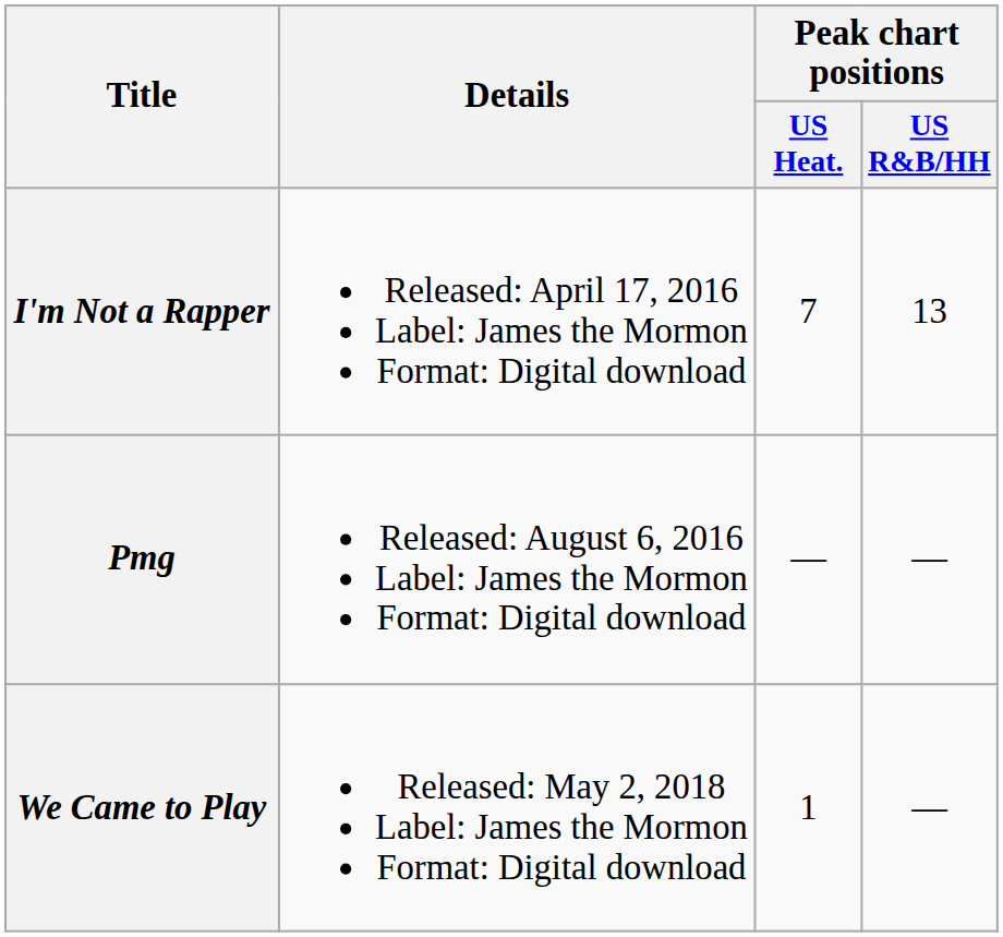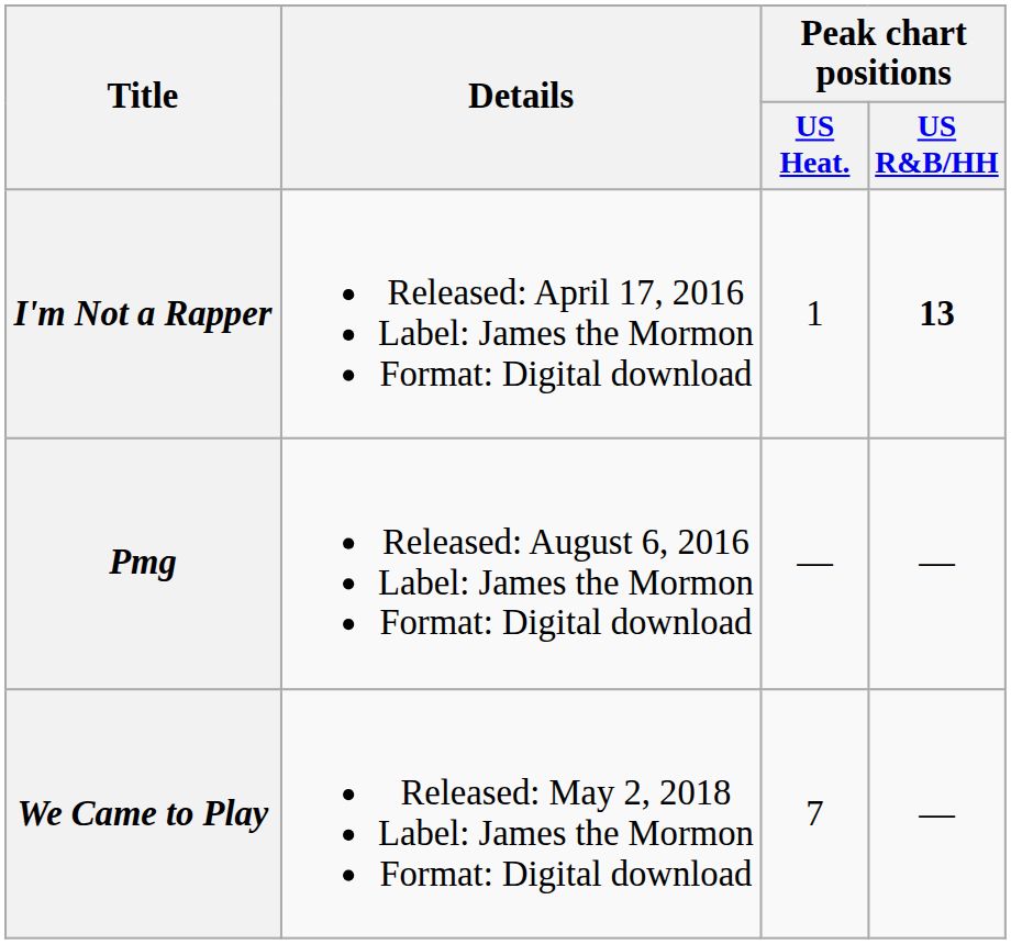 <table class="wikitable plainrowheaders" style="text-align:center;">
 <tr>
 <th scope="col" rowspan="2">Title</th>
 <th scope="col" rowspan="2">Details</th>
 <th colspan="4" scope="col">Peak chart<br>positions</th>
 </tr>
 <tr>
 <th scope="col" style="width:3em;font-size:85%;"><a href='#'>US Heat.</a></th>
 <th scope="col" style="width:3em;font-size:85%;"><a href='#'>US R&B/HH</a></th>
 </tr>
 <tr>
 <th scope="row"><em>I'm Not a Rapper</em></th>
 <td><br><ul><li>Released: April 17, 2016</li><li>Label: James the Mormon</li><li>Format: Digital download</li></ul></td>
-<td>7</td>
-<td>13</td>
+<td>1</td>
+<td><strong>13</strong></td>
 </tr>
 <tr>
 <th scope="row"><em>Pmg</em></th>
 <td><br><ul><li>Released: August 6, 2016</li><li>Label: James the Mormon</li><li>Format: Digital download</li></ul></td>
 <td>—</td>
 <td>—</td>
 </tr>
 <tr>
 <th scope="row"><em>We Came to Play</em></th>
 <td><br><ul><li>Released: May 2, 2018</li><li>Label: James the Mormon</li><li>Format: Digital download</li></ul></td>
-<td>1</td>
+<td>7</td>
 <td>—</td>
 </tr>
 </table>
